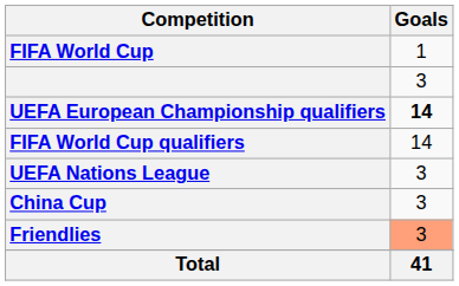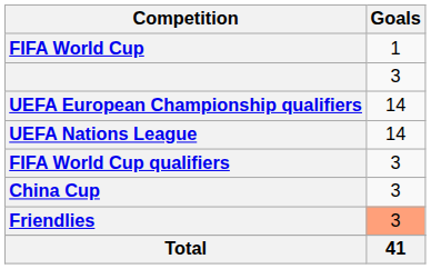 <table class="wikitable sortable plainrowheaders" style="text-align:center">
 <tr>
 <th scope="col">Competition</th>
 <th scope="col">Goals</th>
 </tr>
 <tr>
 <th style="text-align:left" scope=row><a href='#'>FIFA World Cup</a></th>
 <td>1</td>
 </tr>
 <tr>
 <th style="text-align:left" scope=row><a href='#'></a></th>
 <td>3</td>
 </tr>
 <tr>
 <th style="text-align:left" scope=row><a href='#'>UEFA European Championship qualifiers</a></th>
-<td><strong>14</strong></td>
-</tr>
-<tr>
-<th style="text-align:left" scope=row><a href='#'>FIFA World Cup qualifiers</a></th>
 <td>14</td>
 </tr>
 <tr>
 <th style="text-align:left" scope=row><a href='#'>UEFA Nations League</a></th>
+<td>14</td>
+</tr>
+<tr>
+<th style="text-align:left" scope=row><a href='#'>FIFA World Cup qualifiers</a></th>
 <td>3</td>
 </tr>
 <tr>
 <th style="text-align:left" scope=row><a href='#'>China Cup</a></th>
 <td>3</td>
 </tr>
 <tr>
 <th style="text-align:left" scope=row><a href='#'>Friendlies</a></th>
 <td style="background: lightsalmon;">3</td>
 </tr>
 <tr>
 </tr>
 <tr class="sortbottom">
 <th scope=row><strong>Total</strong></th>
 <th><strong>41</strong></th>
 </tr>
 </table>
